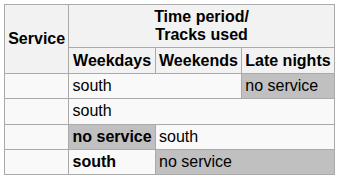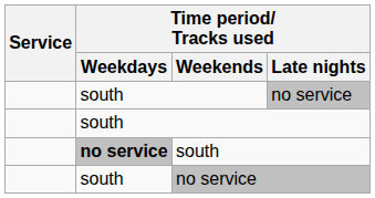 <table class="wikitable">
 <tr>
 <th rowspan=2>Service</th>
 <th colspan=3>Time period/<br>Tracks used</th>
 </tr>
 <tr>
 <th>Weekdays</th>
 <th>Weekends</th>
 <th>Late nights</th>
 </tr>
 <tr>
 <td></td>
 <td colspan=2>south</td>
 <td colspan=3 bgcolor=silver>no service</td>
 </tr>
 <tr>
 <td></td>
 <td colspan=3>south</td>
 </tr>
 <tr>
 <td></td>
 <td colspan=1 bgcolor=silver><strong>no service</strong></td>
 <td colspan=2>south</td>
 </tr>
 <tr>
 <td></td>
-<td><strong>south</strong></td>
+<td>south</td>
 <td colspan=3 bgcolor=silver>no service</td>
 </tr>
 </table>
